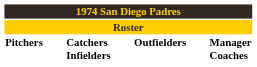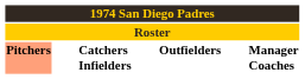 <table class="toccolours" style="font-size: 95%;">
 <tr>
 <th colspan="10" style="background-color: #312821; color: #FFCC00; text-align: center;">1974 San Diego Padres</th>
 </tr>
 <tr>
 <td colspan="10" style="background-color: #FFCC00; color: #312821; text-align: center;"><strong>Roster</strong></td>
 </tr>
 <tr>
-<td valign="top"><strong>Pitchers</strong><br>                 </td>
+<td valign="top" style="background: lightsalmon;"><strong>Pitchers</strong><br>                 </td>
 <td width="25px"></td>
 <td valign="top"><strong>Catchers</strong><br>   <strong>Infielders</strong>           </td>
 <td width="25px"></td>
 <td valign="top"><strong>Outfielders</strong><br>          </td>
 <td width="25px"></td>
 <td valign="top"><strong>Manager</strong><br> <strong>Coaches</strong>    </td>
 </tr>
 </table>
